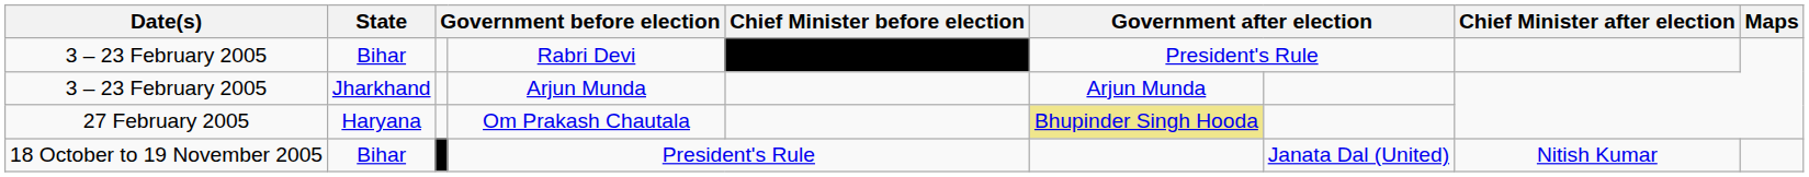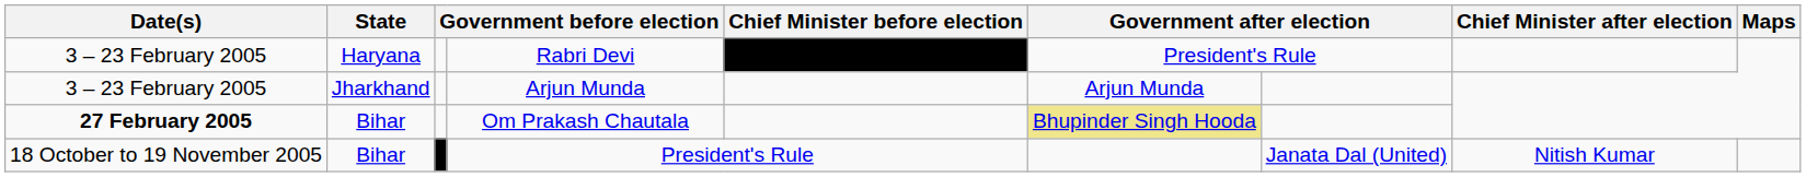 <table class="wikitable sortable" style="text-align:center;">
 <tr>
 <th>Date(s)</th>
 <th>State</th>
 <th colspan="2">Government before election</th>
 <th>Chief Minister before election</th>
 <th colspan="2">Government after election</th>
 <th>Chief Minister after election</th>
 <th>Maps</th>
 </tr>
 <tr>
 <td>3 – 23 February 2005</td>
-<td><a href='#'>Bihar</a></td>
+<td><a href='#'>Haryana</a></td>
 <td></td>
 <td><a href='#'>Rabri Devi</a></td>
 <td bgcolor="#000000"></td>
 <td colspan="2" align="center"><a href='#'>President's Rule</a></td>
 <td></td>
 </tr>
 <tr>
 <td>3 – 23 February 2005</td>
 <td><a href='#'>Jharkhand</a></td>
 <td></td>
 <td><a href='#'>Arjun Munda</a></td>
 <td></td>
 <td><a href='#'>Arjun Munda</a></td>
 <td></td>
 </tr>
 <tr>
-<td>27 February 2005</td>
-<td><a href='#'>Haryana</a></td>
+<td><strong>27 February 2005</strong></td>
+<td><a href='#'>Bihar</a></td>
 <td></td>
 <td><a href='#'>Om Prakash Chautala</a></td>
 <td></td>
 <td style="background: khaki;"><a href='#'>Bhupinder Singh Hooda</a></td>
 <td></td>
 </tr>
 <tr>
 <td>18 October to 19 November 2005</td>
 <td><a href='#'>Bihar</a></td>
 <td bgcolor="#000000"></td>
 <td colspan="2" align="center"><a href='#'>President's Rule</a></td>
 <td></td>
 <td align="left"><a href='#'>Janata Dal (United)</a></td>
 <td><a href='#'>Nitish Kumar</a></td>
 <td></td>
 </tr>
 </table>
